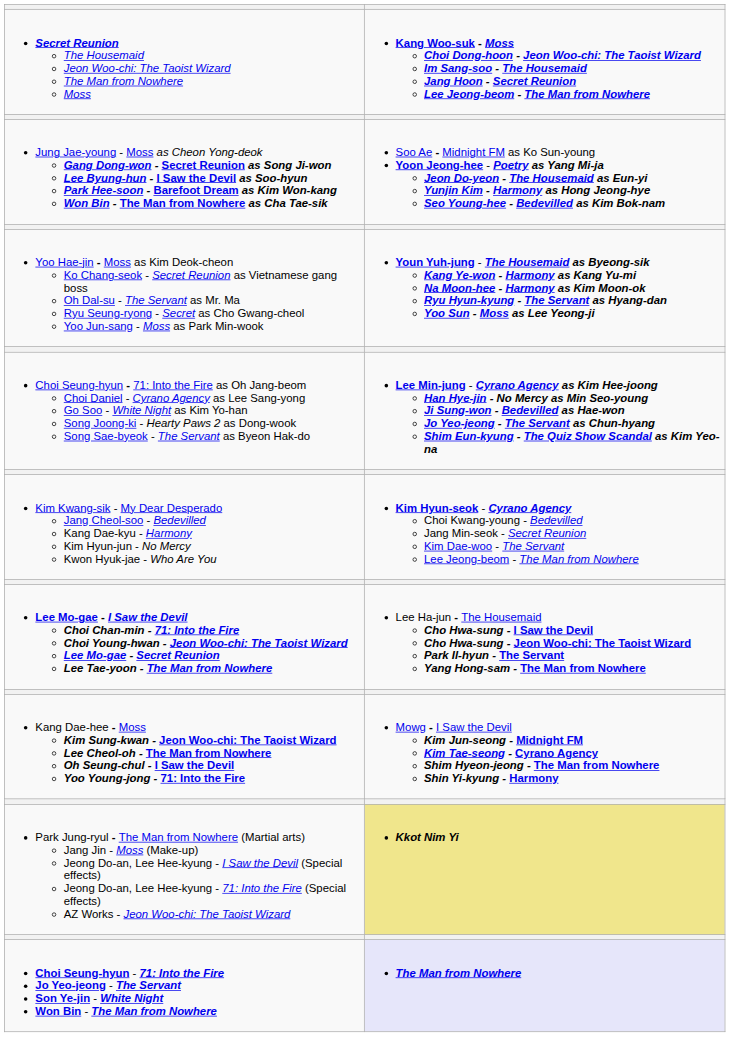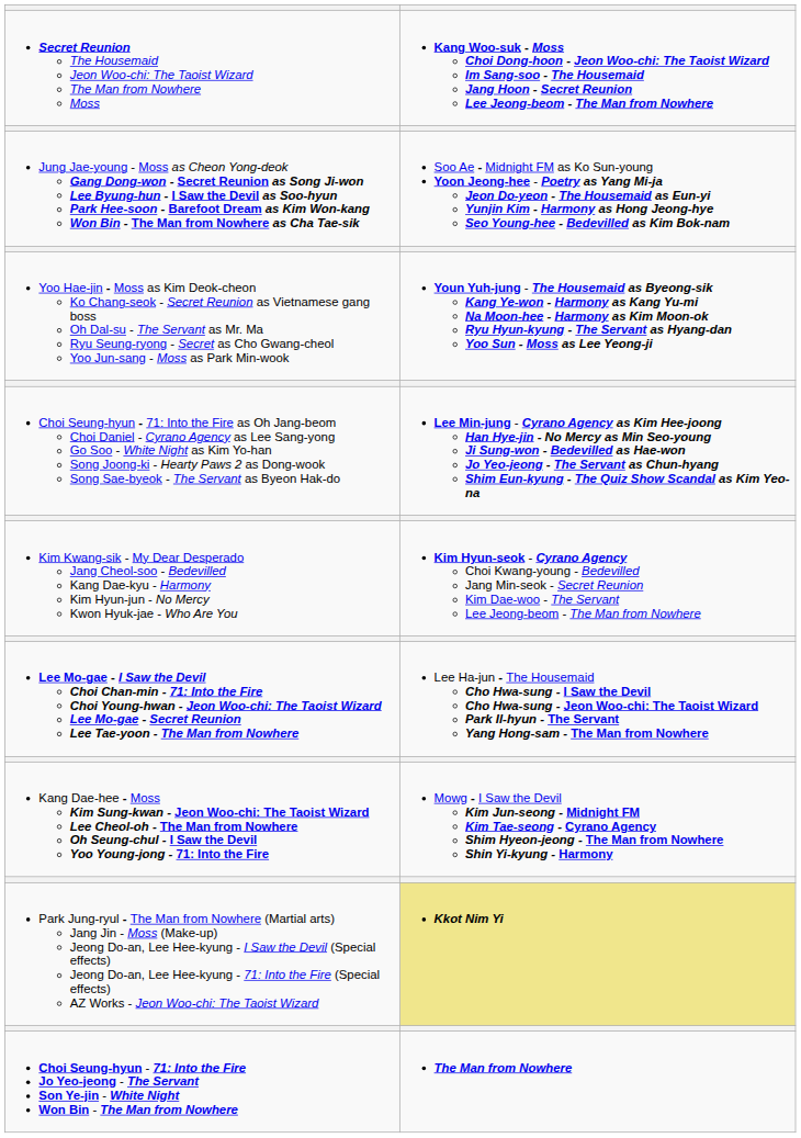 <table class=wikitable>
 <tr>
 <th style="width:500px;"></th>
 <th style="width:500px;"></th>
 </tr>
 <tr>
 <td valign="top"><br><ul><li><strong><em><a href='#'>Secret Reunion</a></em></strong><ul><li><em><a href='#'>The Housemaid</a></em></li><li><em><a href='#'>Jeon Woo-chi: The Taoist Wizard</a></em></li><li><em><a href='#'>The Man from Nowhere</a></em></li><li><em><a href='#'>Moss</a></em></li></ul></li></ul></td>
 <td valign="top"><br><ul><li><strong><a href='#'>Kang Woo-suk</a> - <em><a href='#'>Moss</a><strong><em><ul><li><a href='#'>Choi Dong-hoon</a> - </em><a href='#'>Jeon Woo-chi: The Taoist Wizard</a><em></li><li><a href='#'>Im Sang-soo</a> - </em><a href='#'>The Housemaid</a><em></li><li><a href='#'>Jang Hoon</a> - </em><a href='#'>Secret Reunion</a><em></li><li><a href='#'>Lee Jeong-beom</a> - </em><a href='#'>The Man from Nowhere</a><em></li></ul></li></ul></td>
 </tr>
 <tr>
 <th></th>
 <th></th>
 </tr>
 <tr>
 <td valign="top"><br><ul><li></strong><a href='#'>Jung Jae-young</a> - </em><a href='#'>Moss</a><em> as Cheon Yong-deok<strong><ul><li><a href='#'>Gang Dong-won</a> - </em><a href='#'>Secret Reunion</a><em> as Song Ji-won</li><li><a href='#'>Lee Byung-hun</a> - </em><a href='#'>I Saw the Devil</a><em> as Soo-hyun</li><li><a href='#'>Park Hee-soon</a> - </em><a href='#'>Barefoot Dream</a><em> as Kim Won-kang</li><li><a href='#'>Won Bin</a> - </em><a href='#'>The Man from Nowhere</a><em> as Cha Tae-sik</li></ul></li></ul></td>
 <td valign="top"><br><ul><li></strong><a href='#'>Soo Ae</a><strong> - </em></strong><a href='#'>Midnight FM</a></em> as Ko Sun-young</strong></li><li><strong><a href='#'>Yoon Jeong-hee</a></strong> - <strong><em><a href='#'>Poetry</a><em> as Yang Mi-ja<strong><ul><li><a href='#'>Jeon Do-yeon</a> - </em><a href='#'>The Housemaid</a><em> as Eun-yi</li><li><a href='#'>Yunjin Kim</a> - </em><a href='#'>Harmony</a><em> as Hong Jeong-hye</li><li><a href='#'>Seo Young-hee</a> - </em><a href='#'>Bedevilled</a><em> as Kim Bok-nam</li></ul></li></ul></td>
 </tr>
 <tr>
 <th></th>
 <th></th>
 </tr>
 <tr>
 <td valign="top"><br><ul><li></strong><a href='#'>Yoo Hae-jin</a><strong> - </em></strong><a href='#'>Moss</a></em> as Kim Deok-cheon</strong><ul><li><a href='#'>Ko Chang-seok</a> - <em><a href='#'>Secret Reunion</a></em> as Vietnamese gang boss</li><li><a href='#'>Oh Dal-su</a> - <em><a href='#'>The Servant</a></em> as Mr. Ma</li><li><a href='#'>Ryu Seung-ryong</a> - <em><a href='#'>Secret</a></em> as Cho Gwang-cheol</li><li><a href='#'>Yoo Jun-sang</a> - <em><a href='#'>Moss</a></em> as Park Min-wook</li></ul></li></ul></td>
 <td valign="top"><br><ul><li><strong><a href='#'>Youn Yuh-jung</a></strong> - <strong><em><a href='#'>The Housemaid</a><em> as Byeong-sik<strong><ul><li><a href='#'>Kang Ye-won</a> - </em><a href='#'>Harmony</a><em> as Kang Yu-mi</li><li><a href='#'>Na Moon-hee</a> - </em><a href='#'>Harmony</a><em> as Kim Moon-ok</li><li><a href='#'>Ryu Hyun-kyung</a> - </em><a href='#'>The Servant</a><em> as Hyang-dan</li><li><a href='#'>Yoo Sun</a> - </em><a href='#'>Moss</a><em> as Lee Yeong-ji</li></ul></li></ul></td>
 </tr>
 <tr>
 <th></th>
 <th></th>
 </tr>
 <tr>
 <td valign="top"><br><ul><li></strong><a href='#'>Choi Seung-hyun</a><strong> - </em></strong><a href='#'>71: Into the Fire</a></em> as Oh Jang-beom</strong><ul><li><a href='#'>Choi Daniel</a> - <em><a href='#'>Cyrano Agency</a></em> as Lee Sang-yong</li><li><a href='#'>Go Soo</a> - <em><a href='#'>White Night</a></em> as Kim Yo-han</li><li><a href='#'>Song Joong-ki</a> - <em>Hearty Paws 2</em> as Dong-wook</li><li><a href='#'>Song Sae-byeok</a> - <em><a href='#'>The Servant</a></em> as Byeon Hak-do</li></ul></li></ul></td>
 <td valign="top"><br><ul><li><strong><a href='#'>Lee Min-jung</a></strong> - <strong><em><a href='#'>Cyrano Agency</a><em> as Kim Hee-joong<strong><ul><li><a href='#'>Han Hye-jin</a> - </em>No Mercy<em> as Min Seo-young</li><li><a href='#'>Ji Sung-won</a> - </em><a href='#'>Bedevilled</a><em> as Hae-won</li><li><a href='#'>Jo Yeo-jeong</a> - </em><a href='#'>The Servant</a><em> as Chun-hyang</li><li><a href='#'>Shim Eun-kyung</a> - </em><a href='#'>The Quiz Show Scandal</a><em> as Kim Yeo-na</li></ul></li></ul></td>
 </tr>
 <tr>
 <th></th>
 <th></th>
 </tr>
 <tr>
 <td valign="top"><br><ul><li></strong><a href='#'>Kim Kwang-sik</a>  - </em><a href='#'>My Dear Desperado</a></em></strong><ul><li><a href='#'>Jang Cheol-soo</a> - <em><a href='#'>Bedevilled</a></em></li><li>Kang Dae-kyu - <em><a href='#'>Harmony</a></em></li><li>Kim Hyun-jun - <em>No Mercy</em></li><li>Kwon Hyuk-jae - <em>Who Are You</em></li></ul></li></ul></td>
 <td valign="top"><br><ul><li><strong><a href='#'>Kim Hyun-seok</a></strong> - <strong><em><a href='#'>Cyrano Agency</a></em></strong><ul><li>Choi Kwang-young - <em><a href='#'>Bedevilled</a></em></li><li>Jang Min-seok - <em><a href='#'>Secret Reunion</a></em></li><li><a href='#'>Kim Dae-woo</a> - <em><a href='#'>The Servant</a></em></li><li><a href='#'>Lee Jeong-beom</a> - <em><a href='#'>The Man from Nowhere</a></em></li></ul></li></ul></td>
 </tr>
 <tr>
 <th></th>
 <th></th>
 </tr>
 <tr>
 <td valign="top"><br><ul><li><strong><a href='#'>Lee Mo-gae</a> - <em><a href='#'>I Saw the Devil</a><strong><em><ul><li>Choi Chan-min - </em><a href='#'>71: Into the Fire</a><em></li><li>Choi Young-hwan - </em><a href='#'>Jeon Woo-chi: The Taoist Wizard</a><em></li><li><a href='#'>Lee Mo-gae</a> - </em><a href='#'>Secret Reunion</a><em></li><li>Lee Tae-yoon - </em><a href='#'>The Man from Nowhere</a><em></li></ul></li></ul></td>
 <td valign="top"><br><ul><li></strong>Lee Ha-jun<strong> - </em></strong><a href='#'>The Housemaid</a><strong><em><ul><li>Cho Hwa-sung - </em><a href='#'>I Saw the Devil</a><em></li><li>Cho Hwa-sung - </em><a href='#'>Jeon Woo-chi: The Taoist Wizard</a><em></li><li>Park Il-hyun - </em><a href='#'>The Servant</a><em></li><li>Yang Hong-sam - </em><a href='#'>The Man from Nowhere</a><em></li></ul></li></ul></td>
 </tr>
 <tr>
 <th></th>
 <th></th>
 </tr>
 <tr>
 <td valign="top"><br><ul><li></strong>Kang Dae-hee<strong> - </em></strong><a href='#'>Moss</a><strong><em><ul><li>Kim Sung-kwan - </em><a href='#'>Jeon Woo-chi: The Taoist Wizard</a><em></li><li>Lee Cheol-oh - </em><a href='#'>The Man from Nowhere</a><em></li><li>Oh Seung-chul - </em><a href='#'>I Saw the Devil</a><em></li><li>Yoo Young-jong - </em><a href='#'>71: Into the Fire</a><em></li></ul></li></ul></td>
 <td valign="top"><br><ul><li></strong><a href='#'>Mowg</a><strong> - </em></strong><a href='#'>I Saw the Devil</a><strong><em><ul><li>Kim Jun-seong - </em><a href='#'>Midnight FM</a><em></li><li><a href='#'>Kim Tae-seong</a> - </em><a href='#'>Cyrano Agency</a><em></li><li>Shim Hyeon-jeong - </em><a href='#'>The Man from Nowhere</a><em></li><li>Shin Yi-kyung - </em><a href='#'>Harmony</a><em></li></ul></li></ul></td>
 </tr>
 <tr>
 <th></th>
 <th></th>
 </tr>
 <tr>
 <td valign="top"><br><ul><li></strong>Park Jung-ryul<strong> - </em></strong><a href='#'>The Man from Nowhere</a></em> (Martial arts)</strong><ul><li>Jang Jin - <em><a href='#'>Moss</a></em> (Make-up)</li><li>Jeong Do-an, Lee Hee-kyung - <em><a href='#'>I Saw the Devil</a></em> (Special effects)</li><li>Jeong Do-an, Lee Hee-kyung - <em><a href='#'>71: Into the Fire</a></em> (Special effects)</li><li>AZ Works - <em><a href='#'>Jeon Woo-chi: The Taoist Wizard</a></em></li></ul></li></ul></td>
 <td valign="top" style="background: khaki;"><br><ul><li><strong><em>Kkot Nim Yi</em></strong></li></ul></td>
 </tr>
 <tr>
 <th></th>
 <th></th>
 </tr>
 <tr>
 <td valign="top"><br><ul><li><strong><a href='#'>Choi Seung-hyun</a></strong> - <strong><em><a href='#'>71: Into the Fire</a></em></strong></li><li><strong><a href='#'>Jo Yeo-jeong</a></strong> - <strong><em><a href='#'>The Servant</a></em></strong></li><li><strong><a href='#'>Son Ye-jin</a></strong> - <strong><em><a href='#'>White Night</a></em></strong></li><li><strong><a href='#'>Won Bin</a></strong> - <strong><em><a href='#'>The Man from Nowhere</a></em></strong></li></ul></td>
-<td valign="top" style="background: lavender;"><br><ul><li><strong><em><a href='#'>The Man from Nowhere</a></em></strong></li></ul></td>
+<td valign="top"><br><ul><li><strong><em><a href='#'>The Man from Nowhere</a></em></strong></li></ul></td>
 </tr>
 </table>
